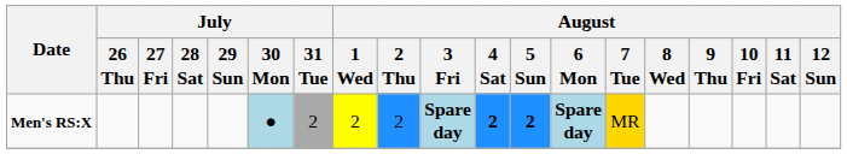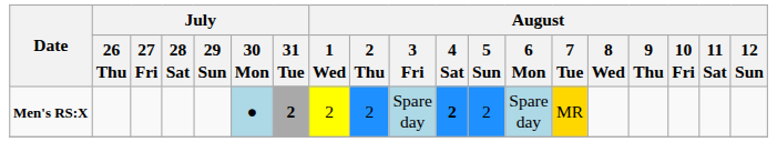 <table class="wikitable" style="margin:0.5em auto; font-size:90%; line-height:1.25em;">
 <tr>
 <th rowspan=2>Date</th>
 <th colspan=6>July</th>
 <th colspan=12>August</th>
 </tr>
 <tr>
 <th>26<br>Thu</th>
 <th>27<br>Fri</th>
 <th>28<br>Sat</th>
 <th>29<br>Sun</th>
 <th>30<br>Mon</th>
 <th>31<br>Tue</th>
 <th>1<br>Wed</th>
 <th>2<br>Thu</th>
 <th>3<br>Fri</th>
 <th>4<br>Sat</th>
 <th>5<br>Sun</th>
 <th>6<br>Mon</th>
 <th>7<br>Tue</th>
 <th>8<br>Wed</th>
 <th>9<br>Thu</th>
 <th>10<br>Fri</th>
 <th>11<br>Sat</th>
 <th>12<br>Sun</th>
 </tr>
 <tr align="center">
 <td align="right"><small><strong>Men's RS:X</strong></small></td>
 <td></td>
 <td></td>
 <td></td>
 <td></td>
 <td bgcolor=LightBlue><span> ● </span></td>
-<td bgcolor=DarkGrey><span> 2 </span></td>
+<td bgcolor=DarkGrey><strong><span> 2 </span></strong></td>
 <td bgcolor=Yellow><span> 2 </span></td>
 <td bgcolor=DodgerBlue><span> 2 </span></td>
-<td bgcolor=LightBlue><strong><span> Spare<br>day </span></strong></td>
+<td bgcolor=LightBlue><span> Spare<br>day </span></td>
 <td bgcolor=DodgerBlue><strong><span> 2 </span></strong></td>
-<td bgcolor=DodgerBlue><strong><span> 2 </span></strong></td>
-<td bgcolor=LightBlue><strong><span> Spare<br>day </span></strong></td>
+<td bgcolor=DodgerBlue><span> 2 </span></td>
+<td bgcolor=LightBlue><span> Spare<br>day </span></td>
 <td bgcolor=Gold><span> MR </span></td>
 <td></td>
 <td></td>
 <td></td>
 <td></td>
 <td></td>
 </tr>
 <tr>
 </tr>
 </table>
